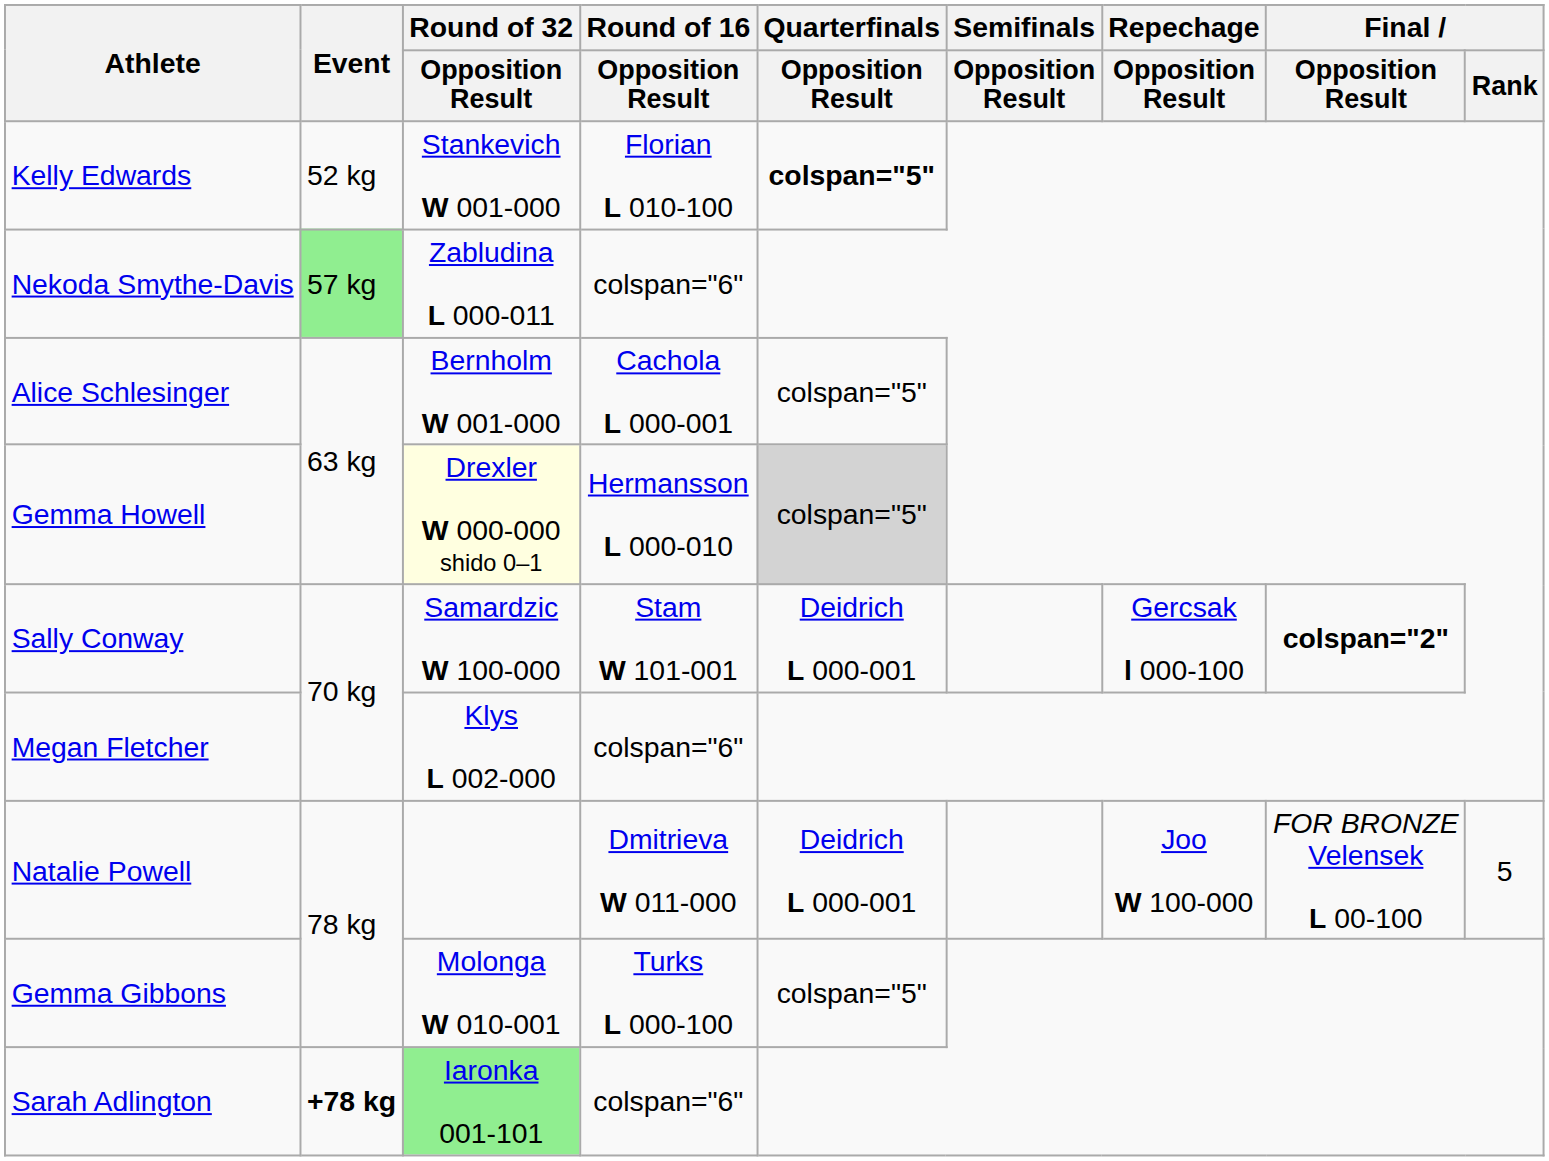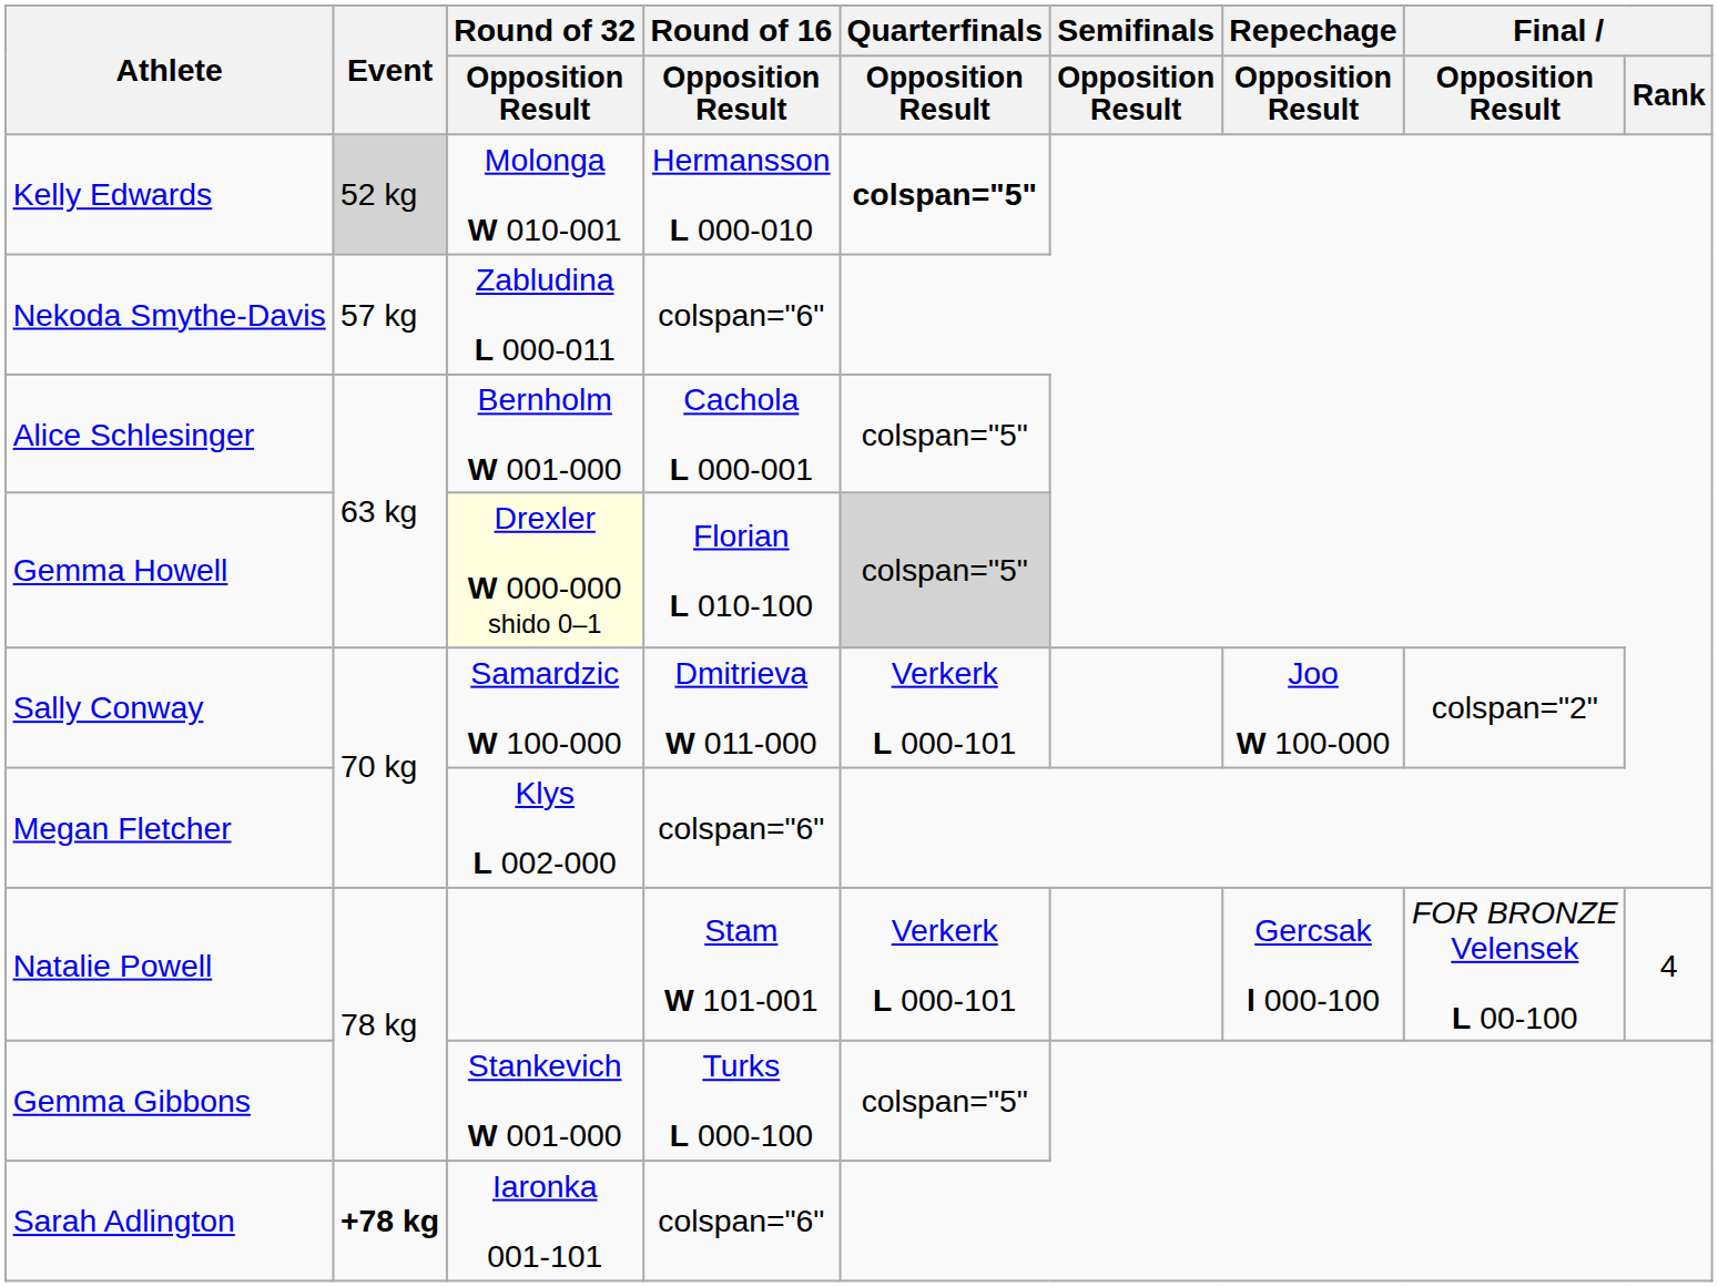 <table class="wikitable" style="font-size:90%">
 <tr>
 <th rowspan=2>Athlete</th>
 <th rowspan=2>Event</th>
 <th>Round of 32</th>
 <th>Round of 16</th>
 <th>Quarterfinals</th>
 <th>Semifinals</th>
 <th>Repechage</th>
 <th colspan=2>Final / </th>
 </tr>
 <tr style="font-size:95%">
 <th>Opposition<br>Result</th>
 <th>Opposition<br>Result</th>
 <th>Opposition<br>Result</th>
 <th>Opposition<br>Result</th>
 <th>Opposition<br>Result</th>
 <th>Opposition<br>Result</th>
 <th>Rank</th>
 </tr>
 <tr align=center>
 <td align=left><a href='#'>Kelly Edwards</a></td>
-<td align=left>52 kg</td>
-<td><a href='#'>Stankevich</a><br><br> <strong>W</strong> 001-000</td>
-<td><a href='#'>Florian</a><br><br> <strong>L</strong> 010-100</td>
+<td align=left style="background: lightgrey;">52 kg</td>
+<td><a href='#'>Molonga</a><br><br> <strong>W</strong> 010-001</td>
+<td><a href='#'>Hermansson</a><br><br> <strong>L</strong> 000-010</td>
 <td><strong>colspan="5" </strong></td>
 </tr>
 <tr align=center>
 <td align=left><a href='#'>Nekoda Smythe-Davis</a></td>
-<td align=left style="background: lightgreen;">57 kg</td>
+<td align=left>57 kg</td>
 <td><a href='#'>Zabludina</a><br><br> <strong>L</strong> 000-011</td>
 <td>colspan="6" </td>
 </tr>
 <tr align=center>
 <td align=left><a href='#'>Alice Schlesinger</a></td>
 <td style="text-align:left;" rowspan="2">63 kg</td>
 <td><a href='#'>Bernholm</a><br><br> <strong>W</strong> 001-000</td>
 <td><a href='#'>Cachola</a><br><br> <strong>L</strong> 000-001</td>
 <td>colspan="5" </td>
 </tr>
 <tr align=center>
 <td align=left><a href='#'>Gemma Howell</a></td>
 <td style="background: lightyellow;"><a href='#'>Drexler</a><br><br> <strong>W</strong> 000-000<br><small>shido 0–1</small></td>
-<td><a href='#'>Hermansson</a><br><br> <strong>L</strong> 000-010</td>
+<td><a href='#'>Florian</a><br><br> <strong>L</strong> 010-100</td>
 <td style="background: lightgrey;">colspan="5" </td>
 </tr>
 <tr align=center>
 <td align=left><a href='#'>Sally Conway</a></td>
 <td style="text-align:left;" rowspan="2">70 kg</td>
 <td><a href='#'>Samardzic</a><br><br> <strong>W</strong> 100-000</td>
-<td><a href='#'>Stam</a><br><br> <strong>W</strong> 101-001</td>
-<td><a href='#'>Deidrich</a><br><br> <strong>L</strong> 000-001</td>
+<td><a href='#'>Dmitrieva</a><br><br> <strong>W</strong> 011-000</td>
+<td><a href='#'>Verkerk</a><br><br> <strong>L</strong> 000-101</td>
 <td></td>
-<td><a href='#'>Gercsak</a><br><br> <strong>l</strong> 000-100</td>
-<td><strong>colspan="2" </strong></td>
+<td><a href='#'>Joo</a><br><br> <strong>W</strong> 100-000</td>
+<td>colspan="2" </td>
 </tr>
 <tr align=center>
 <td align=left><a href='#'>Megan Fletcher</a></td>
 <td><a href='#'>Klys</a><br><br> <strong>L</strong> 002-000</td>
 <td>colspan="6" </td>
 </tr>
 <tr align=center>
 <td align=left><a href='#'>Natalie Powell</a></td>
 <td style="text-align:left;" rowspan="2">78 kg</td>
 <td></td>
-<td><a href='#'>Dmitrieva</a><br><br> <strong>W</strong> 011-000</td>
-<td><a href='#'>Deidrich</a><br><br> <strong>L</strong> 000-001</td>
+<td><a href='#'>Stam</a><br><br> <strong>W</strong> 101-001</td>
+<td><a href='#'>Verkerk</a><br><br> <strong>L</strong> 000-101</td>
 <td></td>
-<td><a href='#'>Joo</a><br><br> <strong>W</strong> 100-000</td>
+<td><a href='#'>Gercsak</a><br><br> <strong>l</strong> 000-100</td>
 <td><em>FOR BRONZE</em><br><a href='#'>Velensek</a><br><br> <strong>L</strong> 00-100</td>
-<td>5</td>
+<td>4</td>
 </tr>
 <tr align=center>
 <td align=left><a href='#'>Gemma Gibbons</a></td>
-<td><a href='#'>Molonga</a><br><br> <strong>W</strong> 010-001</td>
+<td><a href='#'>Stankevich</a><br><br> <strong>W</strong> 001-000</td>
 <td><a href='#'>Turks</a><br><br> <strong>L</strong> 000-100</td>
 <td>colspan="5" </td>
 </tr>
 <tr align=center>
 <td align=left><a href='#'>Sarah Adlington</a></td>
 <td align=left><strong>+78 kg</strong></td>
-<td style="background: lightgreen;"><a href='#'>Iaronka</a><br><br> 001-101</td>
+<td><a href='#'>Iaronka</a><br><br> 001-101</td>
 <td>colspan="6" </td>
 </tr>
 </table>
